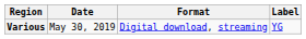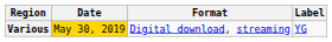 <table class="wikitable plainrowheaders">
 <tr>
 <th>Region</th>
 <th>Date</th>
 <th>Format</th>
 <th>Label</th>
 </tr>
 <tr>
 <th scope="row">Various</th>
-<td>May 30, 2019</td>
+<td style="background: gold;">May 30, 2019</td>
 <td><a href='#'>Digital download</a>, <a href='#'>streaming</a></td>
 <td rowspan="2"><a href='#'>YG</a></td>
 </tr>
 </table>
